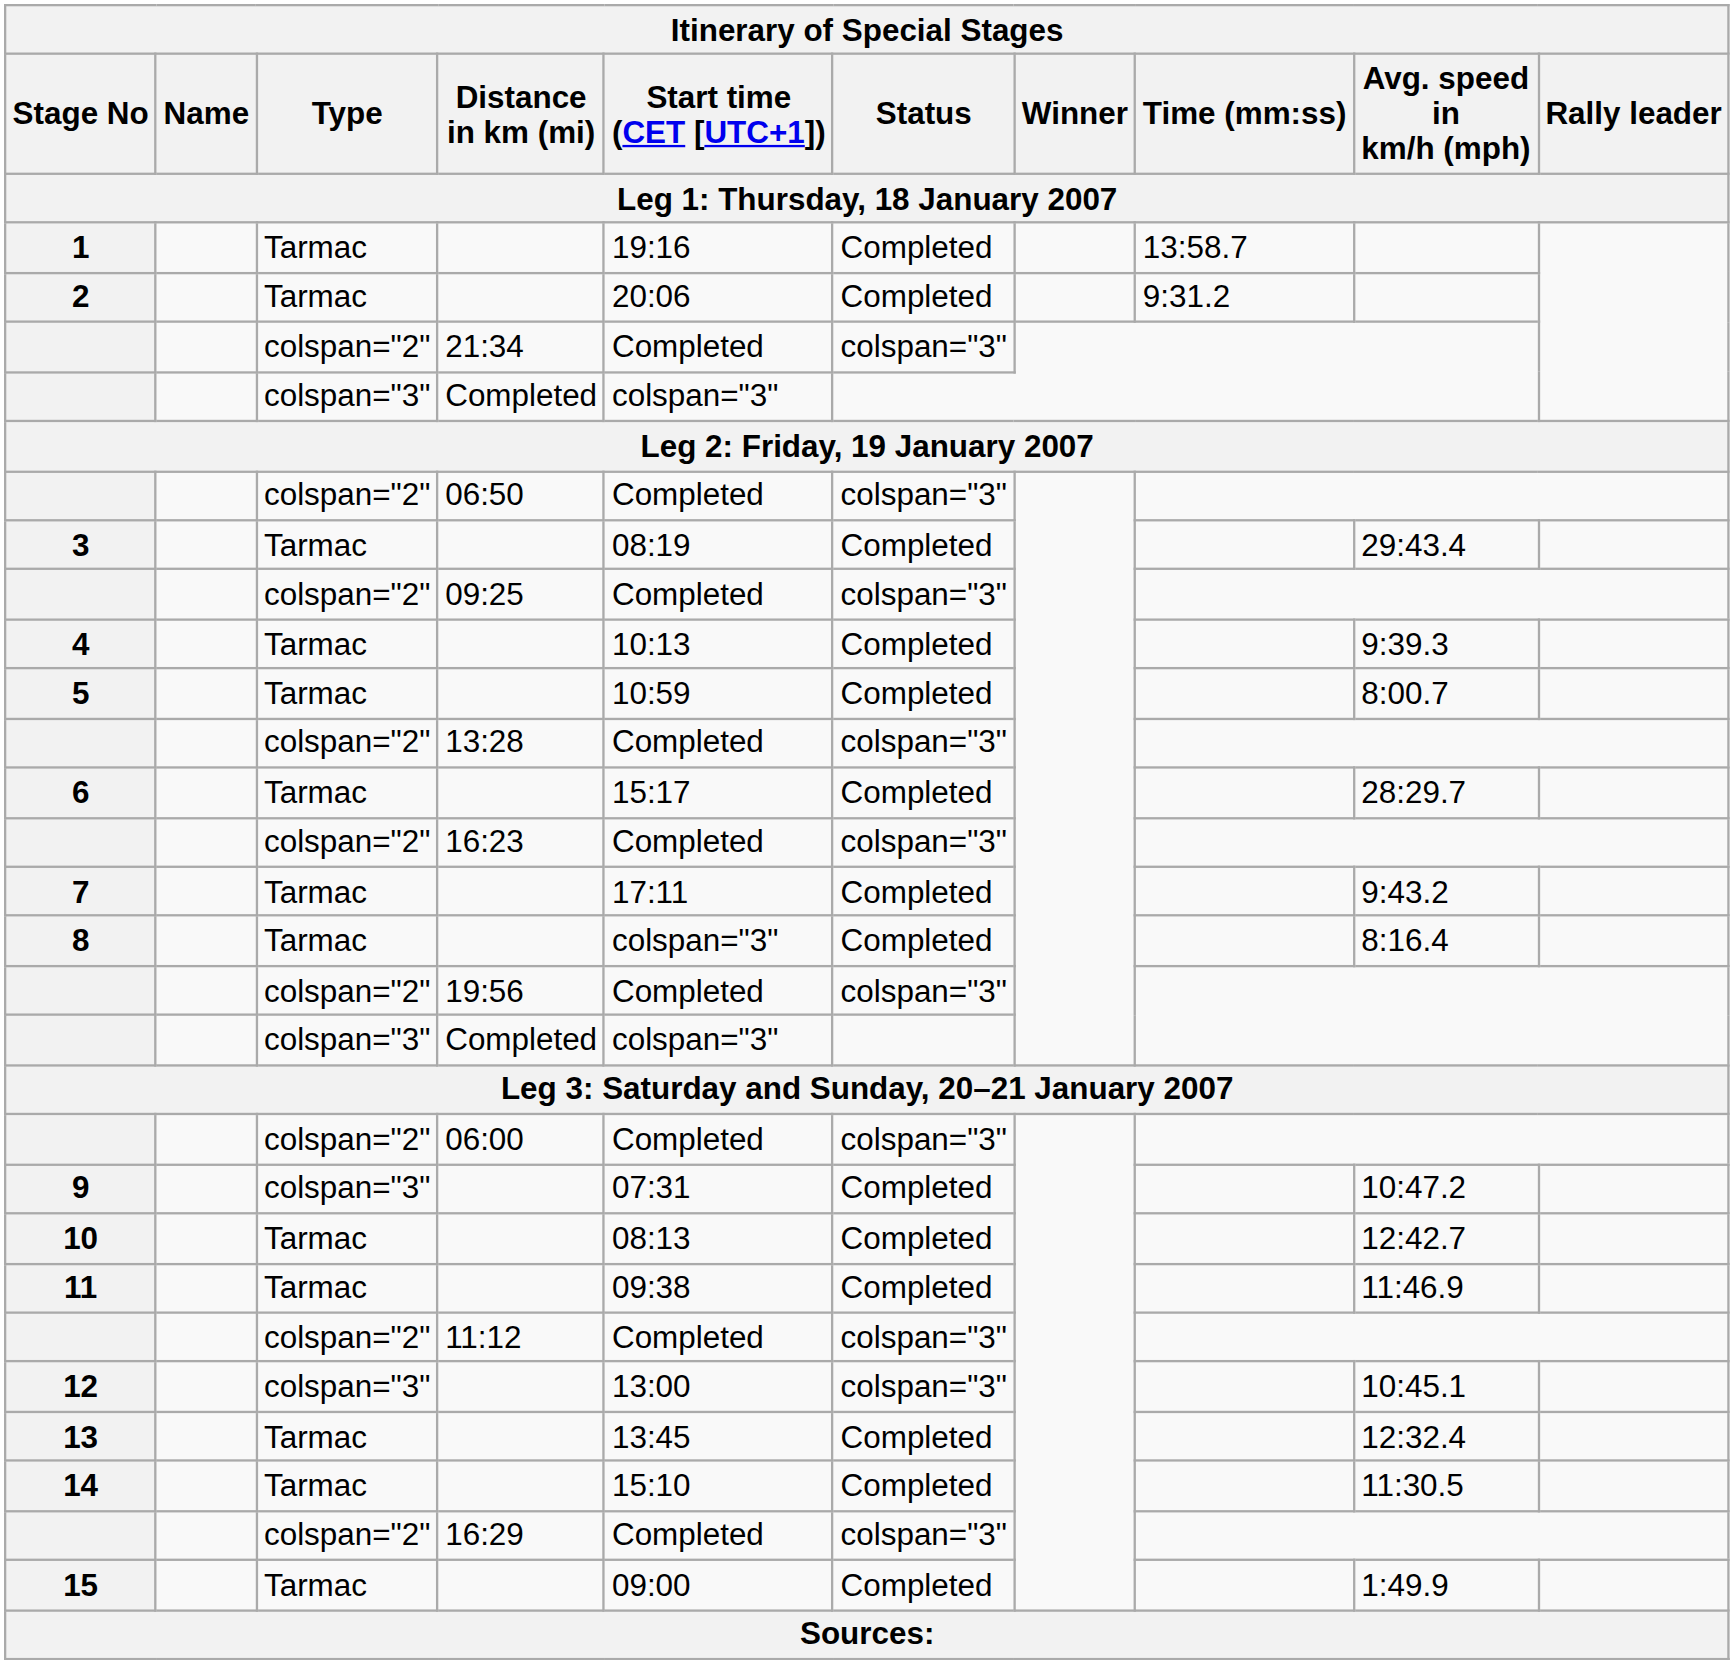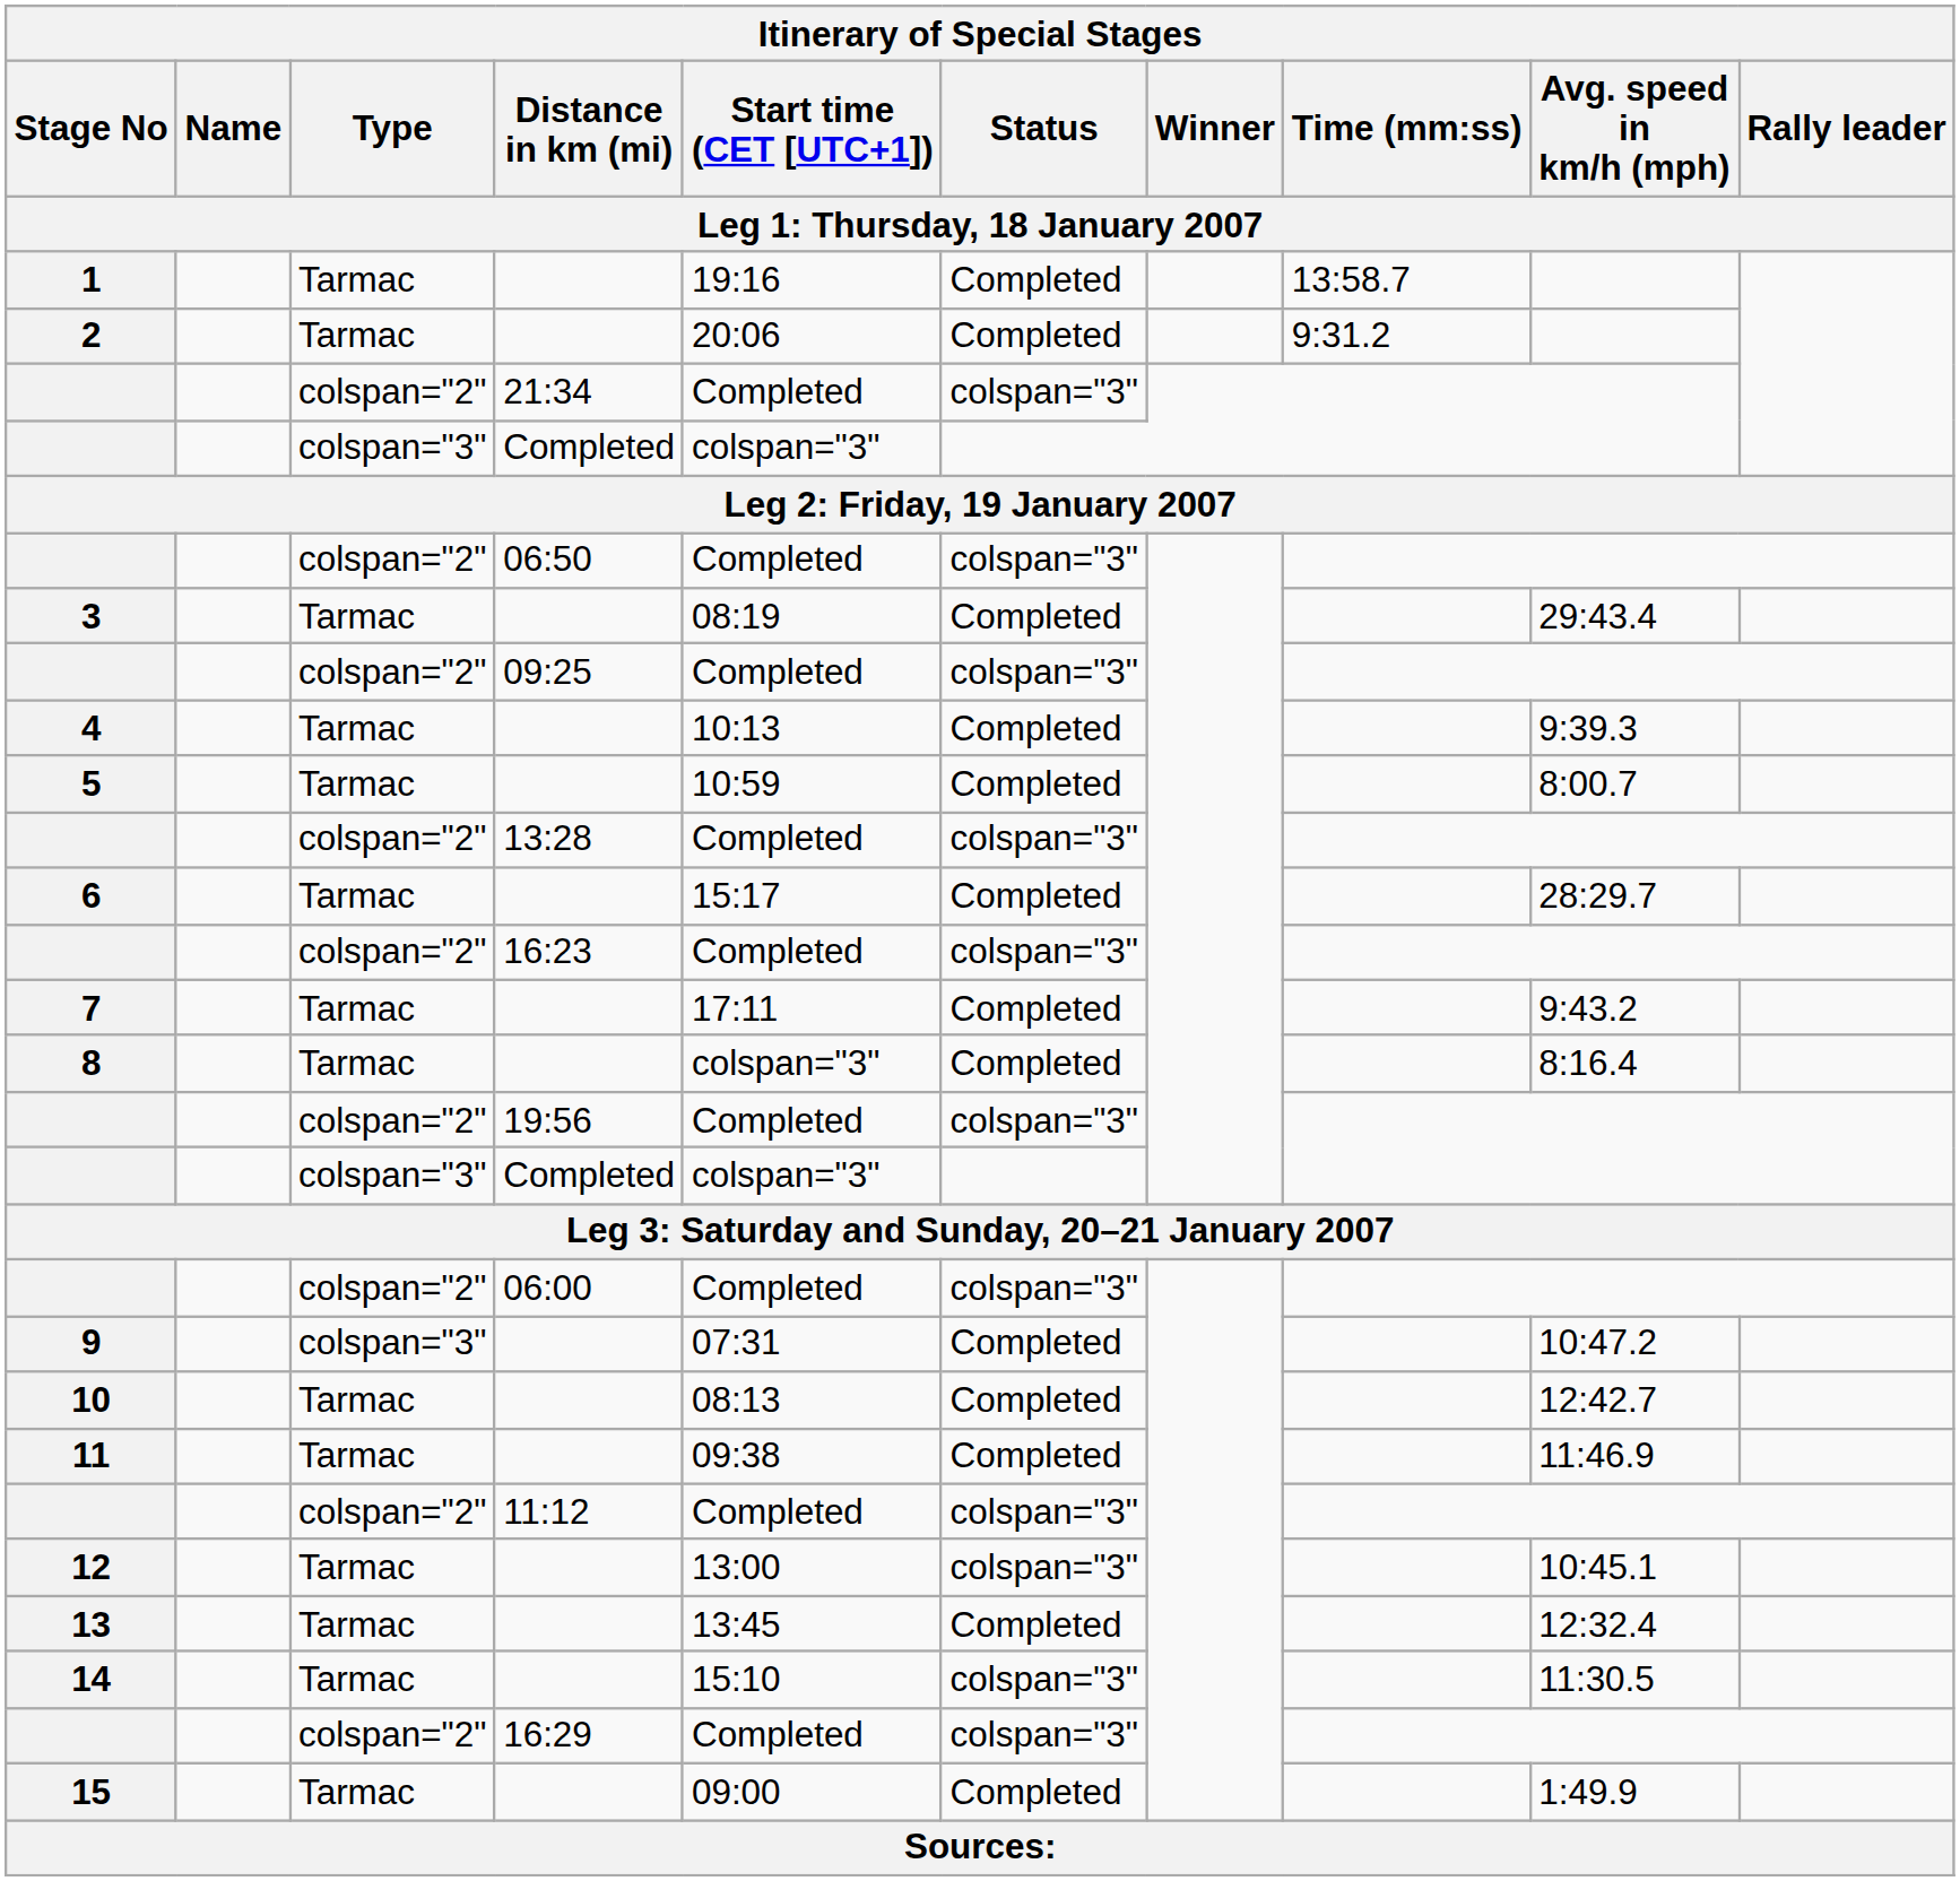 <table class="wikitable" style="font-size: 85%">
 <tr>
 <th scope=row colspan="10" style="text-align: center;"><strong>Itinerary of Special Stages</strong></th>
 </tr>
 <tr>
 <th scope=col>Stage No</th>
 <th scope=col>Name</th>
 <th scope=col>Type</th>
 <th scope=col>Distance<br>in km (mi)</th>
 <th scope=col>Start time<br>(<a href='#'>CET</a> &#91;<a href='#'>UTC+1</a>&#93;)</th>
 <th scope=col>Status</th>
 <th scope=col>Winner</th>
 <th scope=col>Time (mm:ss)</th>
 <th scope=col>Avg. speed<br>in<br>km/h (mph)</th>
 <th scope=col>Rally leader</th>
 </tr>
 <tr>
 <th scope=row colspan="10" style="text-align: center;"><strong>Leg 1: Thursday, 18 January 2007</strong></th>
 </tr>
 <tr>
 <th scope=row style="text-align: center;">1</th>
 <td></td>
 <td>Tarmac</td>
 <td></td>
 <td>19:16</td>
 <td>Completed</td>
 <td></td>
 <td>13:58.7</td>
 <td></td>
 <td rowspan="4"></td>
 </tr>
 <tr>
 <th scope=row style="text-align: center;">2</th>
 <td></td>
 <td>Tarmac</td>
 <td></td>
 <td>20:06</td>
 <td>Completed</td>
 <td></td>
 <td>9:31.2</td>
 <td></td>
 </tr>
 <tr>
 <th scope=row style="text-align: center;"></th>
 <td></td>
 <td>colspan="2" </td>
 <td>21:34</td>
 <td>Completed</td>
 <td>colspan="3" </td>
 </tr>
 <tr>
 <th scope=row style="text-align: center;"></th>
 <td></td>
 <td>colspan="3" </td>
 <td>Completed</td>
 <td>colspan="3" </td>
 </tr>
 <tr>
 <th scope=row colspan="10" style="text-align: center;"><strong>Leg 2: Friday, 19 January 2007</strong></th>
 </tr>
 <tr>
 <th scope=row style="text-align: center;"></th>
 <td></td>
 <td>colspan="2" </td>
 <td>06:50</td>
 <td>Completed</td>
 <td>colspan="3" </td>
 <td rowspan="12"></td>
 </tr>
 <tr>
 <th scope=row style="text-align: center;">3</th>
 <td></td>
 <td>Tarmac</td>
 <td></td>
 <td>08:19</td>
 <td>Completed</td>
 <td></td>
 <td>29:43.4</td>
 <td></td>
 </tr>
 <tr>
 <th scope=row style="text-align: center;"></th>
 <td></td>
 <td>colspan="2" </td>
 <td>09:25</td>
 <td>Completed</td>
 <td>colspan="3" </td>
 </tr>
 <tr>
 <th scope=row style="text-align: center;">4</th>
 <td></td>
 <td>Tarmac</td>
 <td></td>
 <td>10:13</td>
 <td>Completed</td>
 <td></td>
 <td>9:39.3</td>
 <td></td>
 </tr>
 <tr>
 <th scope=row style="text-align: center;">5</th>
 <td></td>
 <td>Tarmac</td>
 <td></td>
 <td>10:59</td>
 <td>Completed</td>
 <td></td>
 <td>8:00.7</td>
 <td></td>
 </tr>
 <tr>
 <th scope=row style="text-align: center;"></th>
 <td></td>
 <td>colspan="2" </td>
 <td>13:28</td>
 <td>Completed</td>
 <td>colspan="3" </td>
 </tr>
 <tr>
 <th scope=row style="text-align: center;">6</th>
 <td></td>
 <td>Tarmac</td>
 <td></td>
 <td>15:17</td>
 <td>Completed</td>
 <td></td>
 <td>28:29.7</td>
 <td></td>
 </tr>
 <tr>
 <th scope=row style="text-align: center;"></th>
 <td></td>
 <td>colspan="2" </td>
 <td>16:23</td>
 <td>Completed</td>
 <td>colspan="3" </td>
 </tr>
 <tr>
 <th scope=row style="text-align: center;">7</th>
 <td></td>
 <td>Tarmac</td>
 <td></td>
 <td>17:11</td>
 <td>Completed</td>
 <td></td>
 <td>9:43.2</td>
 <td></td>
 </tr>
 <tr>
 <th scope=row style="text-align: center;">8</th>
 <td></td>
 <td>Tarmac</td>
 <td></td>
 <td>colspan="3" </td>
 <td>Completed</td>
 <td></td>
 <td>8:16.4</td>
 <td></td>
 </tr>
 <tr>
 <th scope=row style="text-align: center;"></th>
 <td></td>
 <td>colspan="2" </td>
 <td>19:56</td>
 <td>Completed</td>
 <td>colspan="3" </td>
 </tr>
 <tr>
 <th scope=row style="text-align: center;"></th>
 <td></td>
 <td>colspan="3" </td>
 <td>Completed</td>
 <td>colspan="3" </td>
 </tr>
 <tr>
 <th scope=row colspan="10" style="text-align: center;"><strong>Leg 3: Saturday and Sunday, 20–21 January 2007</strong></th>
 </tr>
 <tr>
 <th scope=row style="text-align: center;"></th>
 <td></td>
 <td>colspan="2" </td>
 <td>06:00</td>
 <td>Completed</td>
 <td>colspan="3" </td>
 <td rowspan="10"></td>
 </tr>
 <tr>
 <th scope=row style="text-align: center;">9</th>
 <td></td>
 <td>colspan="3" </td>
 <td></td>
 <td>07:31</td>
 <td>Completed</td>
 <td></td>
 <td>10:47.2</td>
 <td></td>
 </tr>
 <tr>
 <th scope=row style="text-align: center;">10</th>
 <td></td>
 <td>Tarmac</td>
 <td></td>
 <td>08:13</td>
 <td>Completed</td>
 <td></td>
 <td>12:42.7</td>
 <td></td>
 </tr>
 <tr>
 <th scope=row style="text-align: center;">11</th>
 <td></td>
 <td>Tarmac</td>
 <td></td>
 <td>09:38</td>
 <td>Completed</td>
 <td></td>
 <td>11:46.9</td>
 <td></td>
 </tr>
 <tr>
 <th scope=row style="text-align: center;"></th>
 <td></td>
 <td>colspan="2" </td>
 <td>11:12</td>
 <td>Completed</td>
 <td>colspan="3" </td>
 </tr>
 <tr>
 <th scope=row style="text-align: center;">12</th>
 <td></td>
-<td>colspan="3" </td>
+<td>Tarmac</td>
 <td></td>
 <td>13:00</td>
 <td>colspan="3" </td>
 <td></td>
 <td>10:45.1</td>
 <td></td>
 </tr>
 <tr>
 <th scope=row style="text-align: center;">13</th>
 <td></td>
 <td>Tarmac</td>
 <td></td>
 <td>13:45</td>
 <td>Completed</td>
 <td></td>
 <td>12:32.4</td>
 <td></td>
 </tr>
 <tr>
 <th scope=row style="text-align: center;">14</th>
 <td></td>
 <td>Tarmac</td>
 <td></td>
 <td>15:10</td>
-<td>Completed</td>
+<td>colspan="3" </td>
 <td></td>
 <td>11:30.5</td>
 <td></td>
 </tr>
 <tr>
 <th scope=row style="text-align: center;"></th>
 <td></td>
 <td>colspan="2" </td>
 <td>16:29</td>
 <td>Completed</td>
 <td>colspan="3" </td>
 </tr>
 <tr>
 <th scope=row style="text-align: center;">15</th>
 <td></td>
 <td>Tarmac</td>
 <td></td>
 <td>09:00</td>
 <td>Completed</td>
 <td></td>
 <td>1:49.9</td>
 <td></td>
 </tr>
 <tr>
 <th scope=row colspan="10" style="text-align: center;">Sources:</th>
 </tr>
 <tr>
 </tr>
 </table>
